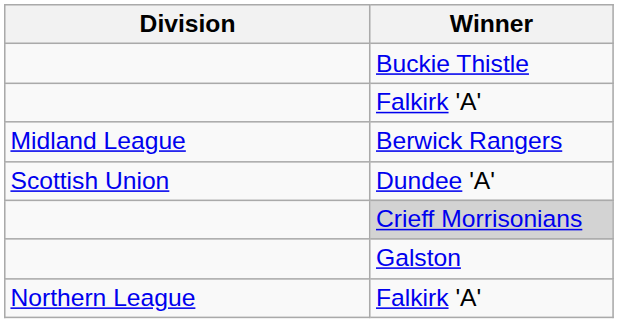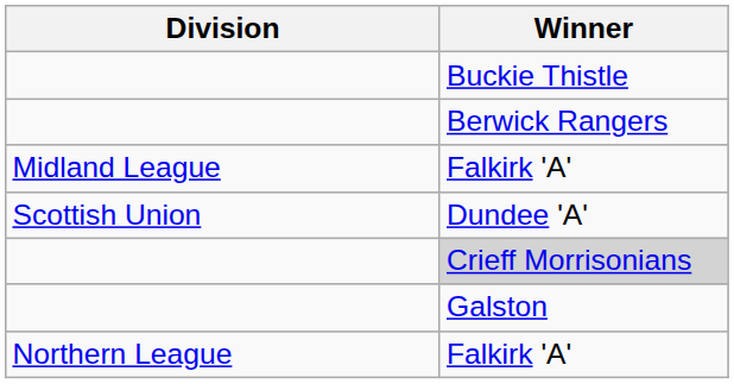 <table class="wikitable">
 <tr>
 <th width=230>Division</th>
 <th width=150>Winner</th>
 </tr>
 <tr>
 <td></td>
 <td><a href='#'>Buckie Thistle</a></td>
 </tr>
 <tr>
 <td></td>
-<td><a href='#'>Falkirk</a> 'A'</td>
+<td><a href='#'>Berwick Rangers</a></td>
 </tr>
 <tr>
 <td><a href='#'>Midland League</a></td>
-<td><a href='#'>Berwick Rangers</a></td>
+<td><a href='#'>Falkirk</a> 'A'</td>
 </tr>
 <tr>
 <td><a href='#'>Scottish Union</a></td>
 <td><a href='#'>Dundee</a> 'A'</td>
 </tr>
 <tr>
 <td></td>
 <td style="background: lightgrey;"><a href='#'>Crieff Morrisonians</a></td>
 </tr>
 <tr>
 <td></td>
 <td><a href='#'>Galston</a></td>
 </tr>
 <tr>
 <td><a href='#'>Northern League</a></td>
 <td><a href='#'>Falkirk</a> 'A'</td>
 </tr>
 </table>
